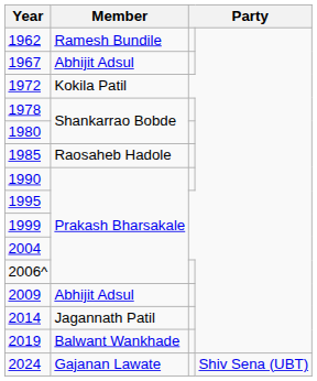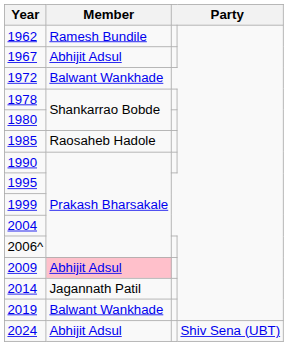 <table class="wikitable">
 <tr>
 <th>Year</th>
 <th>Member</th>
 <th colspan="2">Party</th>
 </tr>
 <tr>
 <td><a href='#'>1962</a></td>
 <td><a href='#'>Ramesh Bundile</a></td>
 <td></td>
 </tr>
 <tr>
 <td><a href='#'>1967</a></td>
 <td><a href='#'>Abhijit Adsul</a></td>
 <td></td>
 </tr>
 <tr>
 <td><a href='#'>1972</a></td>
-<td>Kokila Patil</td>
+<td><a href='#'>Balwant Wankhade</a></td>
 </tr>
 <tr>
 <td><a href='#'>1978</a></td>
 <td rowspan="2">Shankarrao Bobde</td>
 <td></td>
 </tr>
 <tr>
 <td><a href='#'>1980</a></td>
 <td></td>
 </tr>
 <tr>
 <td><a href='#'>1985</a></td>
 <td>Raosaheb Hadole</td>
 <td></td>
 </tr>
 <tr>
 <td><a href='#'>1990</a></td>
 <td rowspan="5"><a href='#'>Prakash Bharsakale</a></td>
 <td></td>
 </tr>
 <tr>
 <td><a href='#'>1995</a></td>
 </tr>
 <tr>
 <td><a href='#'>1999</a></td>
 </tr>
 <tr>
 <td><a href='#'>2004</a></td>
 </tr>
 <tr>
 <td>2006^</td>
 <td></td>
 </tr>
 <tr>
 <td><a href='#'>2009</a></td>
-<td><a href='#'>Abhijit Adsul</a></td>
+<td style="background: pink;"><a href='#'>Abhijit Adsul</a></td>
 <td></td>
 </tr>
 <tr>
 <td><a href='#'>2014</a></td>
 <td>Jagannath Patil</td>
 <td></td>
 </tr>
 <tr>
 <td><a href='#'>2019</a></td>
 <td><a href='#'>Balwant Wankhade</a></td>
 <td></td>
 </tr>
 <tr>
 <td><a href='#'>2024</a></td>
-<td><a href='#'>Gajanan Lawate</a></td>
+<td><a href='#'>Abhijit Adsul</a></td>
 <td style="background-color: "></td>
 <td><a href='#'>Shiv Sena (UBT)</a></td>
 </tr>
 </table>
